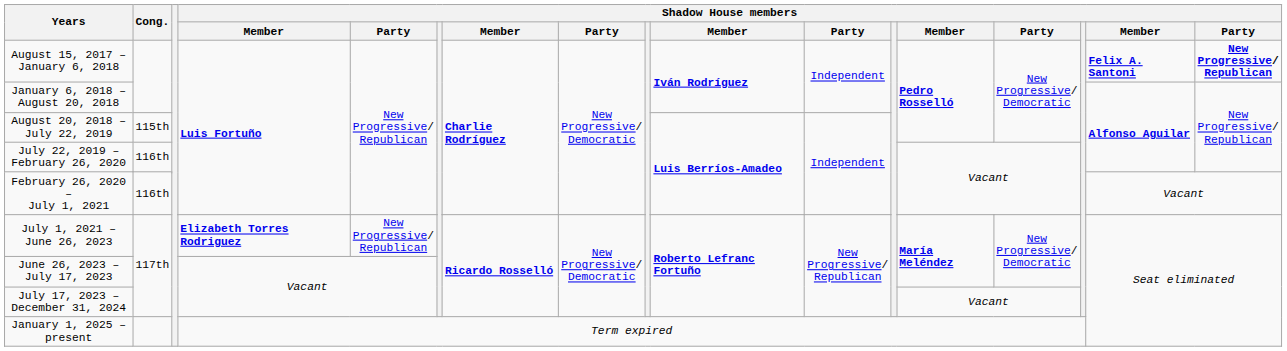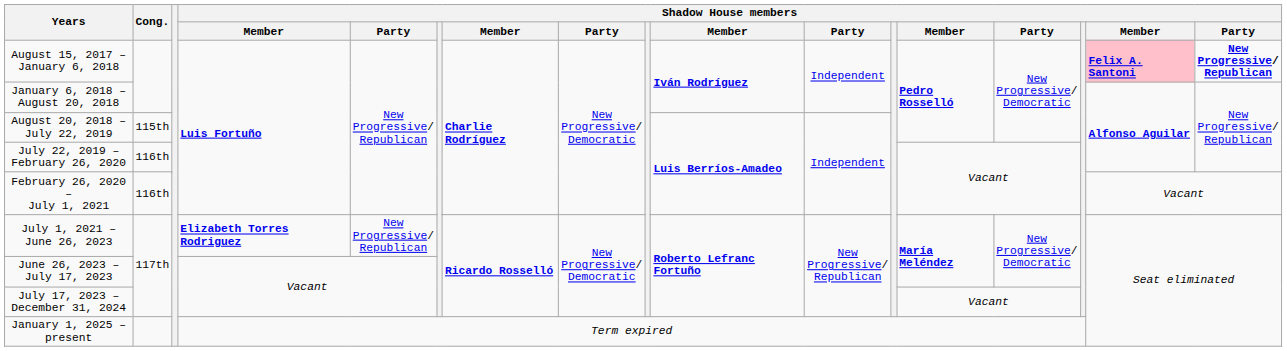 <table class=wikitable style="text-align:center; font-size:85%">
 <tr>
 <th rowspan=2>Years</th>
 <th rowspan=2>Cong.</th>
 <th rowspan=13></th>
 <th colspan=47>Shadow House members</th>
 </tr>
 <tr>
 <th>Member</th>
 <th>Party</th>
 <th rowspan=11></th>
 <th>Member</th>
 <th>Party</th>
 <th rowspan=11></th>
 <th>Member</th>
 <th>Party</th>
 <th rowspan=11></th>
 <th>Member</th>
 <th>Party</th>
 <th rowspan=11></th>
 <th>Member</th>
 <th>Party</th>
 </tr>
 <tr>
 <td>August 15, 2017 –<br>January 6, 2018</td>
 <td rowspan=2></td>
 <td rowspan=6 align=left><br><strong><a href='#'>Luis Fortuño</a></strong></td>
 <td rowspan=6 ><a href='#'>New<br>Progressive</a>/<br><a href='#'>Republican</a></td>
 <td rowspan=6 align=left><br><strong><a href='#'>Charlie Rodríguez</a></strong></td>
 <td rowspan=6 ><a href='#'>New<br>Progressive</a>/<br><a href='#'>Democratic</a></td>
 <td rowspan=2 align=left><br><strong><a href='#'>Iván Rodríguez</a></strong></td>
 <td rowspan=2 ><a href='#'>Independent</a></td>
 <td rowspan=3 align=left><br><strong><a href='#'>Pedro Rosselló</a></strong></td>
 <td rowspan=3 ><a href='#'>New<br>Progressive</a>/<br><a href='#'>Democratic</a></td>
-<td align=left><br><strong><a href='#'>Felix A. Santoni</a></strong></td>
+<td align=left style="background: pink;"><br><strong><a href='#'>Felix A. Santoni</a></strong></td>
 <td><strong><a href='#'>New<br>Progressive</a>/<br><a href='#'>Republican</a></strong></td>
 </tr>
 <tr>
 <td>January 6, 2018 –<br>August 20, 2018</td>
 <td rowspan=3 align=left><br><strong><a href='#'>Alfonso Aguilar</a></strong></td>
 <td rowspan=3 ><a href='#'>New<br>Progressive</a>/<br><a href='#'>Republican</a></td>
 </tr>
 <tr>
 <td>August 20, 2018 –<br>July 22, 2019</td>
 <td>115th<br></td>
 <td rowspan=4 align=left><br><strong><a href='#'>Luis Berríos-Amadeo</a></strong></td>
 <td rowspan=4 ><a href='#'>Independent</a></td>
 </tr>
 <tr>
 <td>July 22, 2019 –<br>February 26, 2020</td>
 <td rowspan=2>116th</td>
 <td rowspan=3 colspan=2><em>Vacant</em></td>
 </tr>
 <tr>
 <td rowspan=2>February 26, 2020 –<br>July 1, 2021</td>
 <td rowspan=2 colspan=2><em>Vacant</em></td>
 </tr>
 <tr>
 <td rowspan=2>116th<br></td>
 </tr>
 <tr>
 <td rowspan=2>July 1, 2021 –<br>June 26, 2023</td>
 <td rowspan=2 align=left><strong><a href='#'>Elizabeth Torres Rodriguez</a></strong></td>
 <td rowspan=2 ><a href='#'>New<br>Progressive</a>/<br><a href='#'>Republican</a></td>
 <td rowspan=4 align=left><br><strong><a href='#'>Ricardo Rosselló</a></strong></td>
 <td rowspan=4 ><a href='#'>New<br>Progressive</a>/<br><a href='#'>Democratic</a></td>
 <td rowspan=4 align=left><strong><a href='#'>Roberto Lefranc Fortuño</a></strong></td>
 <td rowspan=4 ><a href='#'>New<br>Progressive</a>/<br><a href='#'>Republican</a></td>
 <td rowspan=3 align=left><br><strong><a href='#'>María Meléndez</a></strong></td>
 <td rowspan=3 ><a href='#'>New<br>Progressive</a>/<br><a href='#'>Democratic</a></td>
 <td rowspan=5 colspan=2><em>Seat eliminated</em></td>
 </tr>
 <tr>
 <td rowspan=3>117th<br></td>
 </tr>
 <tr>
 <td>June 26, 2023 –<br>July 17, 2023</td>
 <td rowspan=2 colspan=2><em>Vacant</em></td>
 </tr>
 <tr>
 <td>July 17, 2023 –<br>December 31, 2024</td>
 <td colspan=2><em>Vacant</em></td>
 </tr>
 <tr>
 <td>January 1, 2025 –<br>present</td>
 <td></td>
 <td colspan=12><em>Term expired</em></td>
 </tr>
 </table>
